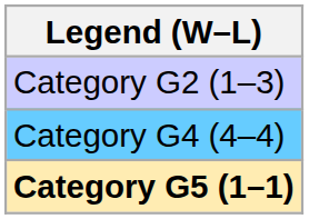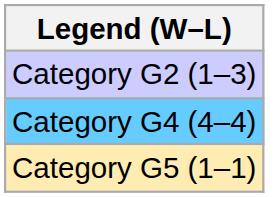 <table class="wikitable" style=font-size:85%>
 <tr>
 <th>Legend (W–L)</th>
 </tr>
 <tr style="background:#ccf;">
 <td>Category G2 (1–3)</td>
 </tr>
 <tr style="background:#6cf;">
 <td>Category G4 (4–4)</td>
 </tr>
 <tr style="background:#ffecb2;">
-<td><strong>Category G5 (1–1)</strong></td>
+<td>Category G5 (1–1)</td>
 </tr>
 </table>
